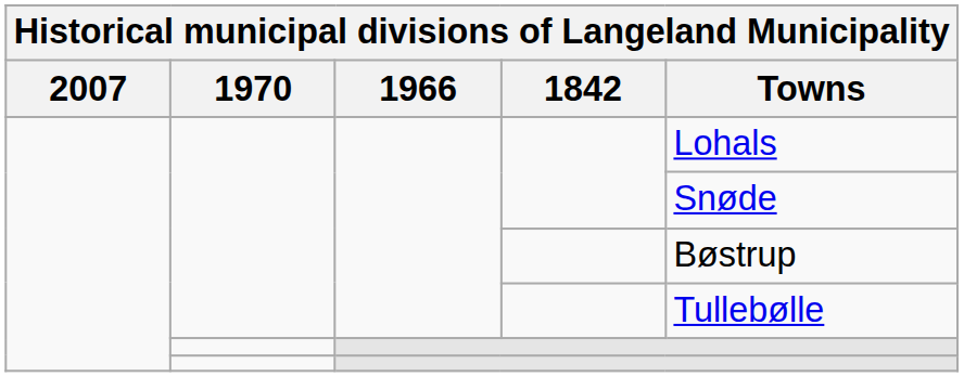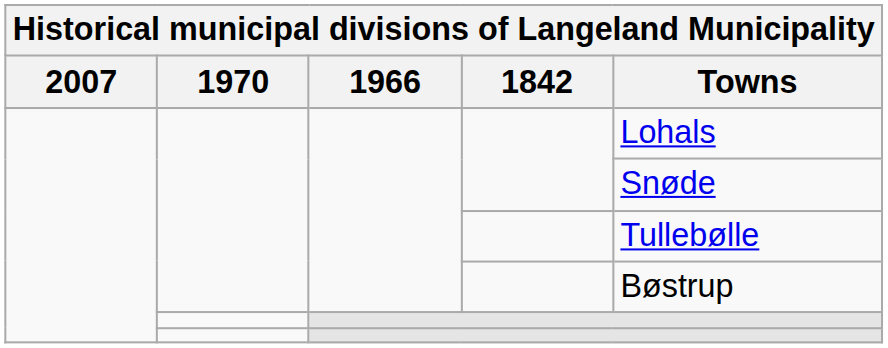 <table class="wikitable" style="margin-left:1em;" style="text-align: center">
 <tr>
 <th colspan="99">Historical municipal divisions of Langeland Municipality</th>
 </tr>
 <tr>
 <th>2007</th>
 <th>1970</th>
 <th>1966</th>
 <th>1842</th>
 <th>Towns</th>
 </tr>
 <tr>
 <td rowspan="99"></td>
 <td rowspan="4"></td>
 <td rowspan="4"></td>
 <td rowspan="2"></td>
 <td><a href='#'>Lohals</a></td>
 </tr>
 <tr>
 <td><a href='#'>Snøde</a></td>
 </tr>
 <tr>
 <td></td>
-<td>Bøstrup</td>
+<td><a href='#'>Tullebølle</a></td>
 </tr>
 <tr>
 <td></td>
-<td><a href='#'>Tullebølle</a></td>
+<td>Bøstrup</td>
 </tr>
 <tr>
 <td></td>
 <td colspan="4" style="background:#E5E5E5;"></td>
 </tr>
 <tr>
 <td></td>
 <td colspan="4" style="background:#E5E5E5;"></td>
 </tr>
 </table>
